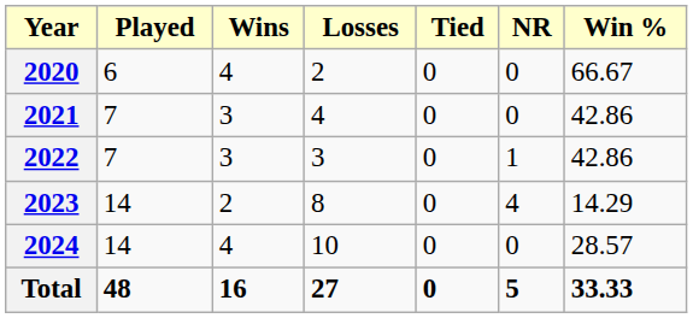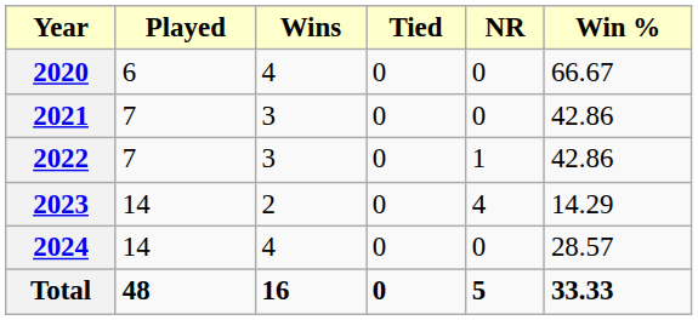 <table class="wikitable" style="width:25%;">
 <tr>
 <th style="background:#ffc;">Year</th>
 <th style="background:#ffc;">Played</th>
 <th style="background:#ffc;">Wins</th>
-<th style="background:#ffc;">Losses</th>
 <th style="background:#ffc;">Tied</th>
 <th style="background:#ffc;">NR</th>
 <th style="background:#ffc;">Win %</th>
 </tr>
 <tr>
 <th><a href='#'>2020</a></th>
 <td>6</td>
 <td>4</td>
-<td>2</td>
 <td>0</td>
 <td>0</td>
 <td>66.67</td>
 </tr>
 <tr>
 <th><a href='#'>2021</a></th>
 <td>7</td>
 <td>3</td>
-<td>4</td>
 <td>0</td>
 <td>0</td>
 <td>42.86</td>
 </tr>
 <tr>
 <th><a href='#'>2022</a></th>
 <td>7</td>
-<td>3</td>
 <td>3</td>
 <td>0</td>
 <td>1</td>
 <td>42.86</td>
 </tr>
 <tr>
 <th><a href='#'>2023</a></th>
 <td>14</td>
 <td>2</td>
-<td>8</td>
 <td>0</td>
 <td>4</td>
 <td>14.29</td>
 </tr>
 <tr>
 <th><a href='#'>2024</a></th>
 <td>14</td>
 <td>4</td>
-<td>10</td>
 <td>0</td>
 <td>0</td>
 <td>28.57</td>
 </tr>
 <tr>
 <th>Total</th>
 <td><strong>48</strong></td>
 <td><strong>16</strong></td>
-<td><strong>27</strong></td>
 <td><strong>0</strong></td>
 <td><strong>5</strong></td>
 <td><strong>33.33</strong></td>
 </tr>
 </table>
